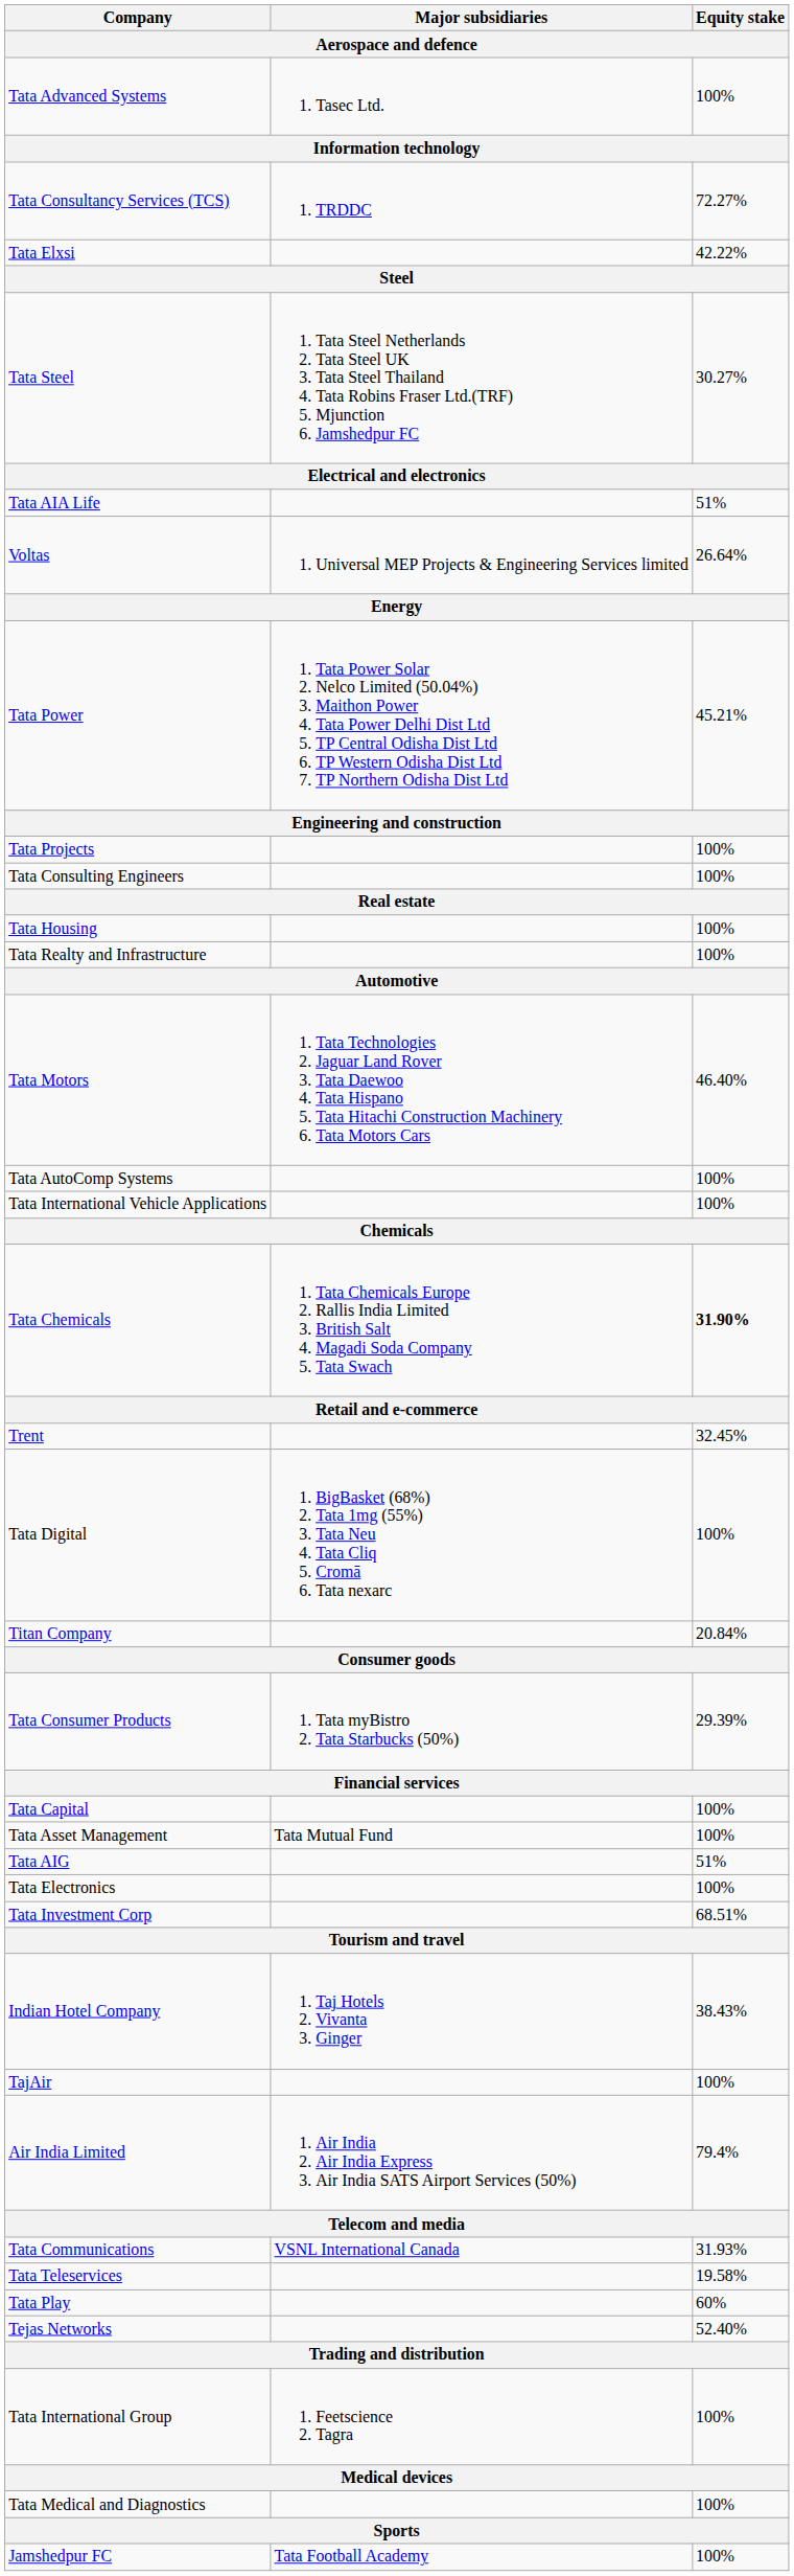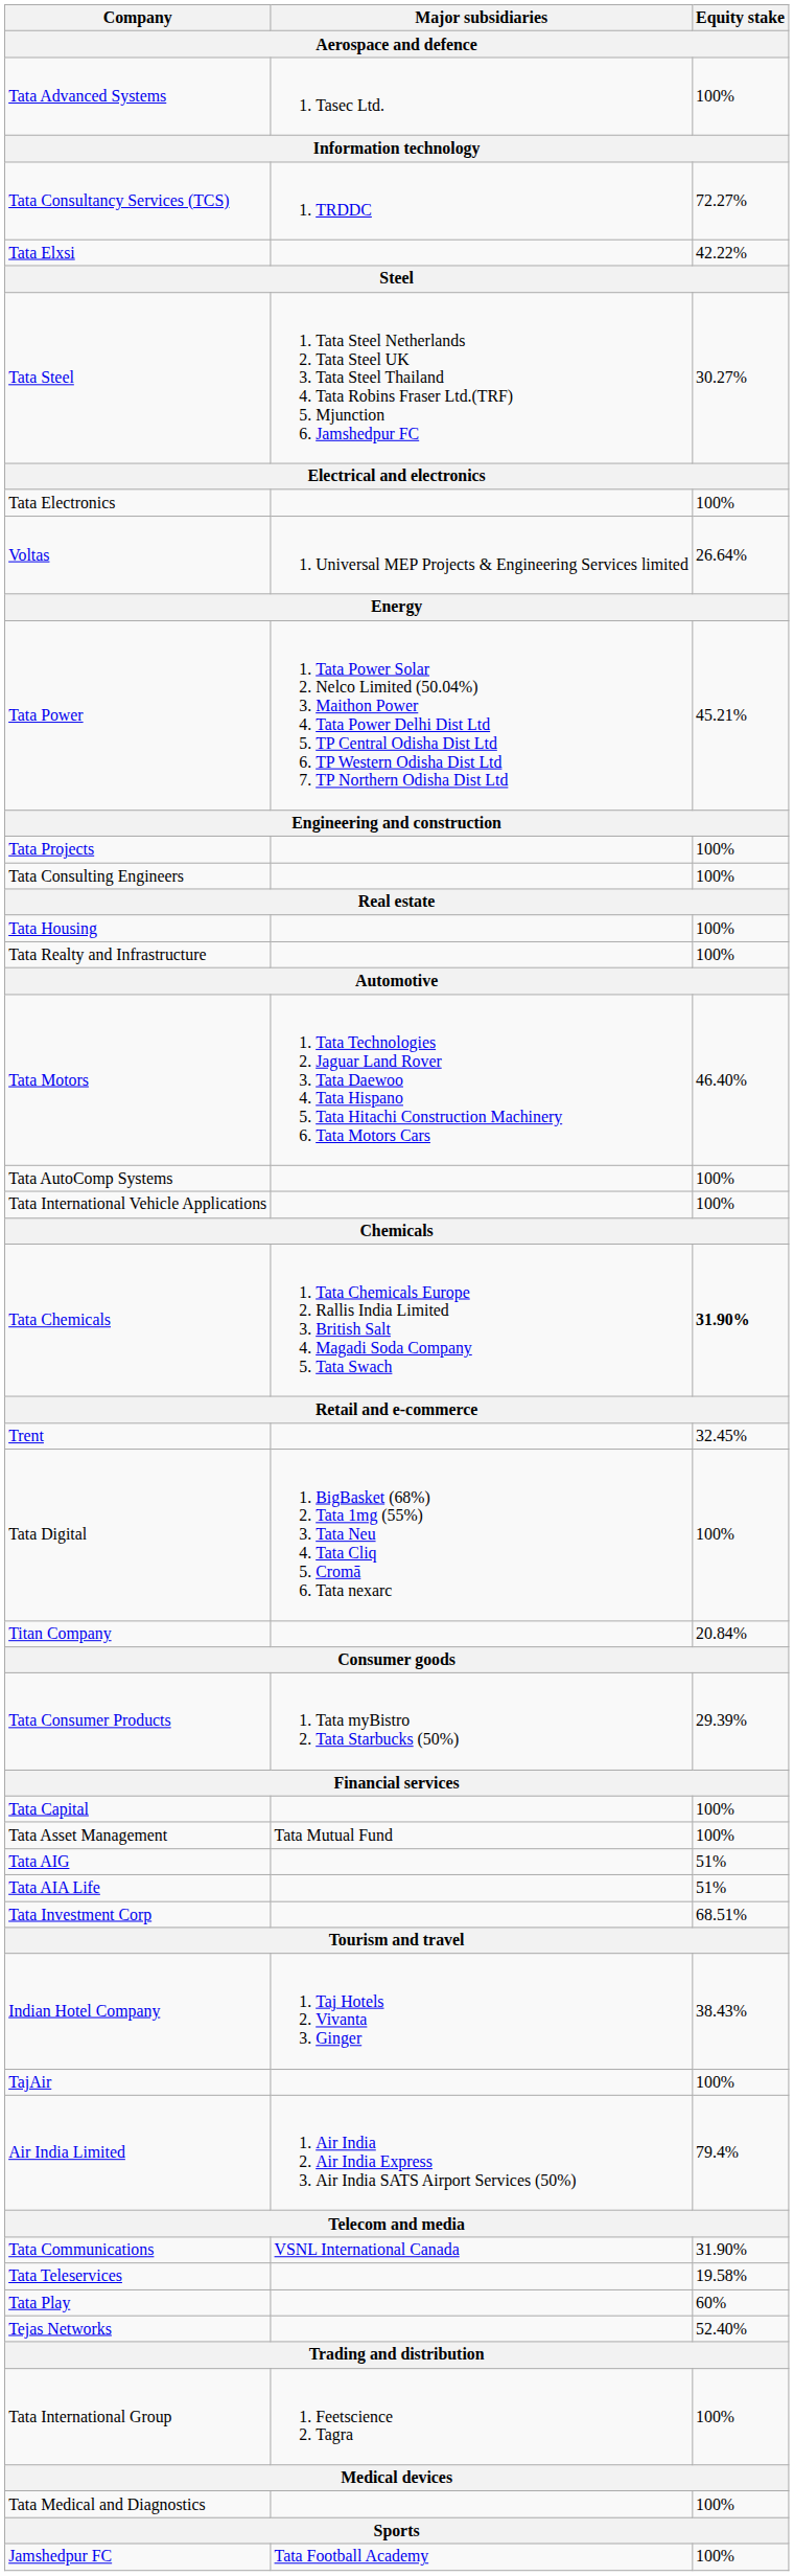 <table class="wikitable sortable">
 <tr>
 <th>Company</th>
 <th>Major subsidiaries</th>
 <th>Equity stake</th>
 </tr>
 <tr>
 <th colspan="3"><strong>Aerospace and defence</strong></th>
 </tr>
 <tr>
 <td><a href='#'>Tata Advanced Systems</a></td>
 <td><br><ol><li>Tasec Ltd.</li></ol></td>
 <td>100%</td>
 </tr>
 <tr>
 <th colspan="3"><strong>Information technology</strong></th>
 </tr>
 <tr>
 <td><a href='#'>Tata Consultancy Services (TCS)</a></td>
 <td><br><ol><li><a href='#'>TRDDC</a></li></ol></td>
 <td>72.27%</td>
 </tr>
 <tr>
 <td><a href='#'>Tata Elxsi</a></td>
 <td></td>
 <td>42.22%</td>
 </tr>
 <tr>
 <th colspan="3"><strong>Steel</strong></th>
 </tr>
 <tr>
 <td><a href='#'>Tata Steel</a></td>
 <td><br><ol><li>Tata Steel Netherlands</li><li>Tata Steel UK</li><li>Tata Steel Thailand</li><li>Tata Robins Fraser Ltd.(TRF)</li><li>Mjunction</li><li><a href='#'>Jamshedpur FC</a></li></ol></td>
 <td>30.27%</td>
 </tr>
 <tr>
 <th colspan="3"><strong>Electrical and electronics</strong></th>
 </tr>
 <tr>
-<td><a href='#'>Tata AIA Life</a></td>
+<td>Tata Electronics</td>
 <td></td>
-<td>51%</td>
+<td>100%</td>
 </tr>
 <tr>
 <td><a href='#'>Voltas</a></td>
 <td><br><ol><li>Universal MEP Projects & Engineering Services limited</li></ol></td>
 <td>26.64%</td>
 </tr>
 <tr>
 <th colspan="3"><strong>Energy</strong></th>
 </tr>
 <tr>
 <td><a href='#'>Tata Power</a></td>
 <td><br><ol><li><a href='#'>Tata Power Solar</a></li><li>Nelco Limited (50.04%)</li><li><a href='#'>Maithon Power</a></li><li><a href='#'>Tata Power Delhi Dist Ltd</a></li><li><a href='#'>TP Central Odisha Dist Ltd</a></li><li><a href='#'>TP Western Odisha Dist Ltd</a></li><li><a href='#'>TP Northern Odisha Dist Ltd</a></li></ol></td>
 <td>45.21%</td>
 </tr>
 <tr>
 <th colspan="3"><strong>Engineering and construction</strong></th>
 </tr>
 <tr>
 <td><a href='#'>Tata Projects</a></td>
 <td></td>
 <td>100%</td>
 </tr>
 <tr>
 <td>Tata Consulting Engineers</td>
 <td></td>
 <td>100%</td>
 </tr>
 <tr>
 <th colspan="3"><strong>Real estate</strong></th>
 </tr>
 <tr>
 <td><a href='#'>Tata Housing</a></td>
 <td></td>
 <td>100%</td>
 </tr>
 <tr>
 <td>Tata Realty and Infrastructure</td>
 <td></td>
 <td>100%</td>
 </tr>
 <tr>
 <th colspan="3"><strong>Automotive</strong></th>
 </tr>
 <tr>
 <td><a href='#'>Tata Motors</a></td>
 <td><br><ol><li><a href='#'>Tata Technologies</a></li><li><a href='#'>Jaguar Land Rover</a></li><li><a href='#'>Tata Daewoo</a></li><li><a href='#'>Tata Hispano</a></li><li><a href='#'>Tata Hitachi Construction Machinery</a></li><li><a href='#'>Tata Motors Cars</a></li></ol></td>
 <td>46.40%</td>
 </tr>
 <tr>
 <td>Tata AutoComp Systems</td>
 <td></td>
 <td>100%</td>
 </tr>
 <tr>
 <td>Tata International Vehicle Applications</td>
 <td></td>
 <td>100%</td>
 </tr>
 <tr>
 <th colspan="3"><strong>Chemicals</strong></th>
 </tr>
 <tr>
 <td><a href='#'>Tata Chemicals</a></td>
 <td><br><ol><li><a href='#'>Tata Chemicals Europe</a></li><li>Rallis India Limited</li><li><a href='#'>British Salt</a></li><li><a href='#'>Magadi Soda Company</a></li><li><a href='#'>Tata Swach</a></li></ol></td>
 <td><strong>31.90%</strong></td>
 </tr>
 <tr>
 <th colspan="3"><strong>Retail and e-commerce</strong></th>
 </tr>
 <tr>
 <td><a href='#'>Trent</a></td>
 <td></td>
 <td>32.45%</td>
 </tr>
 <tr>
 <td>Tata Digital</td>
 <td><br><ol><li><a href='#'>BigBasket</a>  (68%)</li><li><a href='#'>Tata 1mg</a> (55%)</li><li><a href='#'>Tata Neu</a></li><li><a href='#'>Tata Cliq</a></li><li><a href='#'>Cromā</a></li><li>Tata nexarc</li></ol></td>
 <td>100%</td>
 </tr>
 <tr>
 <td><a href='#'>Titan Company</a></td>
 <td></td>
 <td>20.84%</td>
 </tr>
 <tr>
 <th colspan="3"><strong>Consumer goods</strong></th>
 </tr>
 <tr>
 <td><a href='#'>Tata Consumer Products</a></td>
 <td><br><ol><li>Tata myBistro</li><li><a href='#'>Tata Starbucks</a> (50%)</li></ol></td>
 <td>29.39%</td>
 </tr>
 <tr>
 <th colspan="3"><strong>Financial services</strong></th>
 </tr>
 <tr>
 <td><a href='#'>Tata Capital</a></td>
 <td></td>
 <td>100%</td>
 </tr>
 <tr>
 <td>Tata Asset Management</td>
 <td>Tata Mutual Fund</td>
 <td>100%</td>
 </tr>
 <tr>
 <td><a href='#'>Tata AIG</a></td>
 <td></td>
 <td>51%</td>
 </tr>
 <tr>
-<td>Tata Electronics</td>
+<td><a href='#'>Tata AIA Life</a></td>
 <td></td>
-<td>100%</td>
+<td>51%</td>
 </tr>
 <tr>
 <td><a href='#'>Tata Investment Corp</a></td>
 <td></td>
 <td>68.51%</td>
 </tr>
 <tr>
 <th colspan="3"><strong>Tourism and travel</strong></th>
 </tr>
 <tr>
 <td><a href='#'>Indian Hotel Company</a></td>
 <td><br><ol><li><a href='#'>Taj Hotels</a></li><li><a href='#'>Vivanta</a></li><li><a href='#'>Ginger</a></li></ol></td>
 <td>38.43%</td>
 </tr>
 <tr>
 <td><a href='#'>TajAir</a></td>
 <td></td>
 <td>100%</td>
 </tr>
 <tr>
 <td><a href='#'>Air India Limited</a></td>
 <td><br><ol><li><a href='#'>Air India</a></li><li><a href='#'>Air India Express</a></li><li>Air India SATS Airport Services (50%)</li></ol></td>
 <td>79.4%</td>
 </tr>
 <tr>
 <th colspan="3"><strong>Telecom and media</strong></th>
 </tr>
 <tr>
 <td><a href='#'>Tata Communications</a></td>
 <td><a href='#'>VSNL International Canada</a></td>
-<td>31.93%</td>
+<td>31.90%</td>
 </tr>
 <tr>
 <td><a href='#'>Tata Teleservices</a></td>
 <td></td>
 <td>19.58%</td>
 </tr>
 <tr>
 <td><a href='#'>Tata Play</a></td>
 <td></td>
 <td>60%</td>
 </tr>
 <tr>
 <td><a href='#'>Tejas Networks</a></td>
 <td></td>
 <td>52.40%</td>
 </tr>
 <tr>
 <th colspan="3"><strong>Trading and distribution</strong></th>
 </tr>
 <tr>
 <td Tata International Group>Tata International Group</td>
 <td><br><ol><li>Feetscience</li><li>Tagra</li></ol></td>
 <td>100%</td>
 </tr>
 <tr>
 <th colspan="3"><strong>Medical devices</strong></th>
 </tr>
 <tr>
 <td>Tata Medical and Diagnostics</td>
 <td></td>
 <td>100%</td>
 </tr>
 <tr>
 <th colspan="3"><strong>Sports</strong></th>
 </tr>
 <tr>
 <td><a href='#'>Jamshedpur FC</a></td>
 <td><a href='#'>Tata Football Academy</a></td>
 <td>100%</td>
 </tr>
 </table>
